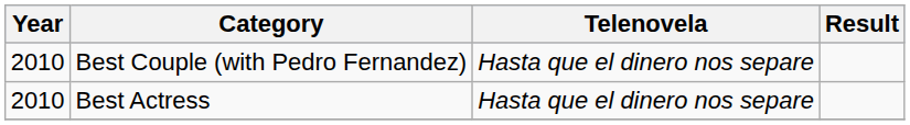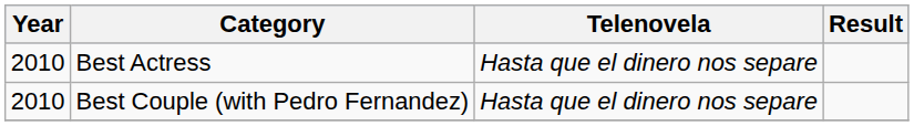 <table class="wikitable">
 <tr style="background:#b0c4de;">
 <th>Year</th>
 <th>Category</th>
 <th>Telenovela</th>
 <th>Result</th>
 </tr>
 <tr>
 <td>2010</td>
-<td>Best Couple (with Pedro Fernandez)</td>
+<td>Best Actress</td>
 <td><em>Hasta que el dinero nos separe</em></td>
 <td></td>
 </tr>
 <tr>
 <td>2010</td>
-<td>Best Actress</td>
+<td>Best Couple (with Pedro Fernandez)</td>
 <td><em>Hasta que el dinero nos separe</em></td>
 <td></td>
 </tr>
 <tr>
 </tr>
 </table>
